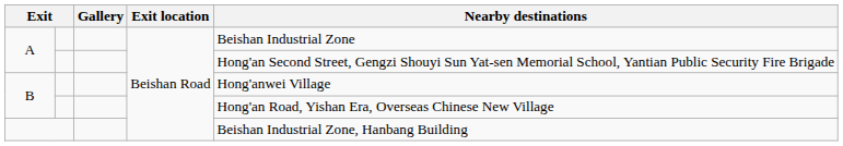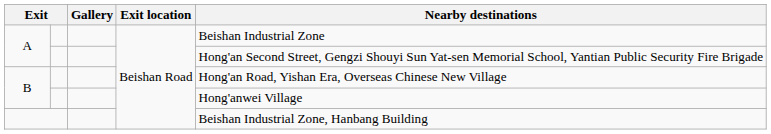 <table class="wikitable">
 <tr>
 <th style="width:70px" colspan="2">Exit</th>
 <th>Gallery</th>
 <th>Exit location</th>
 <th>Nearby destinations</th>
 </tr>
 <tr>
 <td align="center" rowspan="2">A</td>
 <td></td>
 <td></td>
 <td align=center rowspan=5>Beishan Road</td>
 <td>Beishan Industrial Zone</td>
 </tr>
 <tr>
 <td></td>
 <td></td>
 <td>Hong'an Second Street, Gengzi Shouyi Sun Yat-sen Memorial School, Yantian Public Security Fire Brigade</td>
 </tr>
 <tr>
 <td align="center" rowspan="2">B</td>
 <td></td>
 <td></td>
-<td>Hong'anwei Village</td>
+<td>Hong'an Road, Yishan Era, Overseas Chinese New Village</td>
 </tr>
 <tr>
 <td></td>
 <td></td>
-<td>Hong'an Road, Yishan Era, Overseas Chinese New Village</td>
+<td>Hong'anwei Village</td>
 </tr>
 <tr>
 <td align="center" colspan="2"></td>
 <td></td>
 <td>Beishan Industrial Zone, Hanbang Building</td>
 </tr>
 </table>
